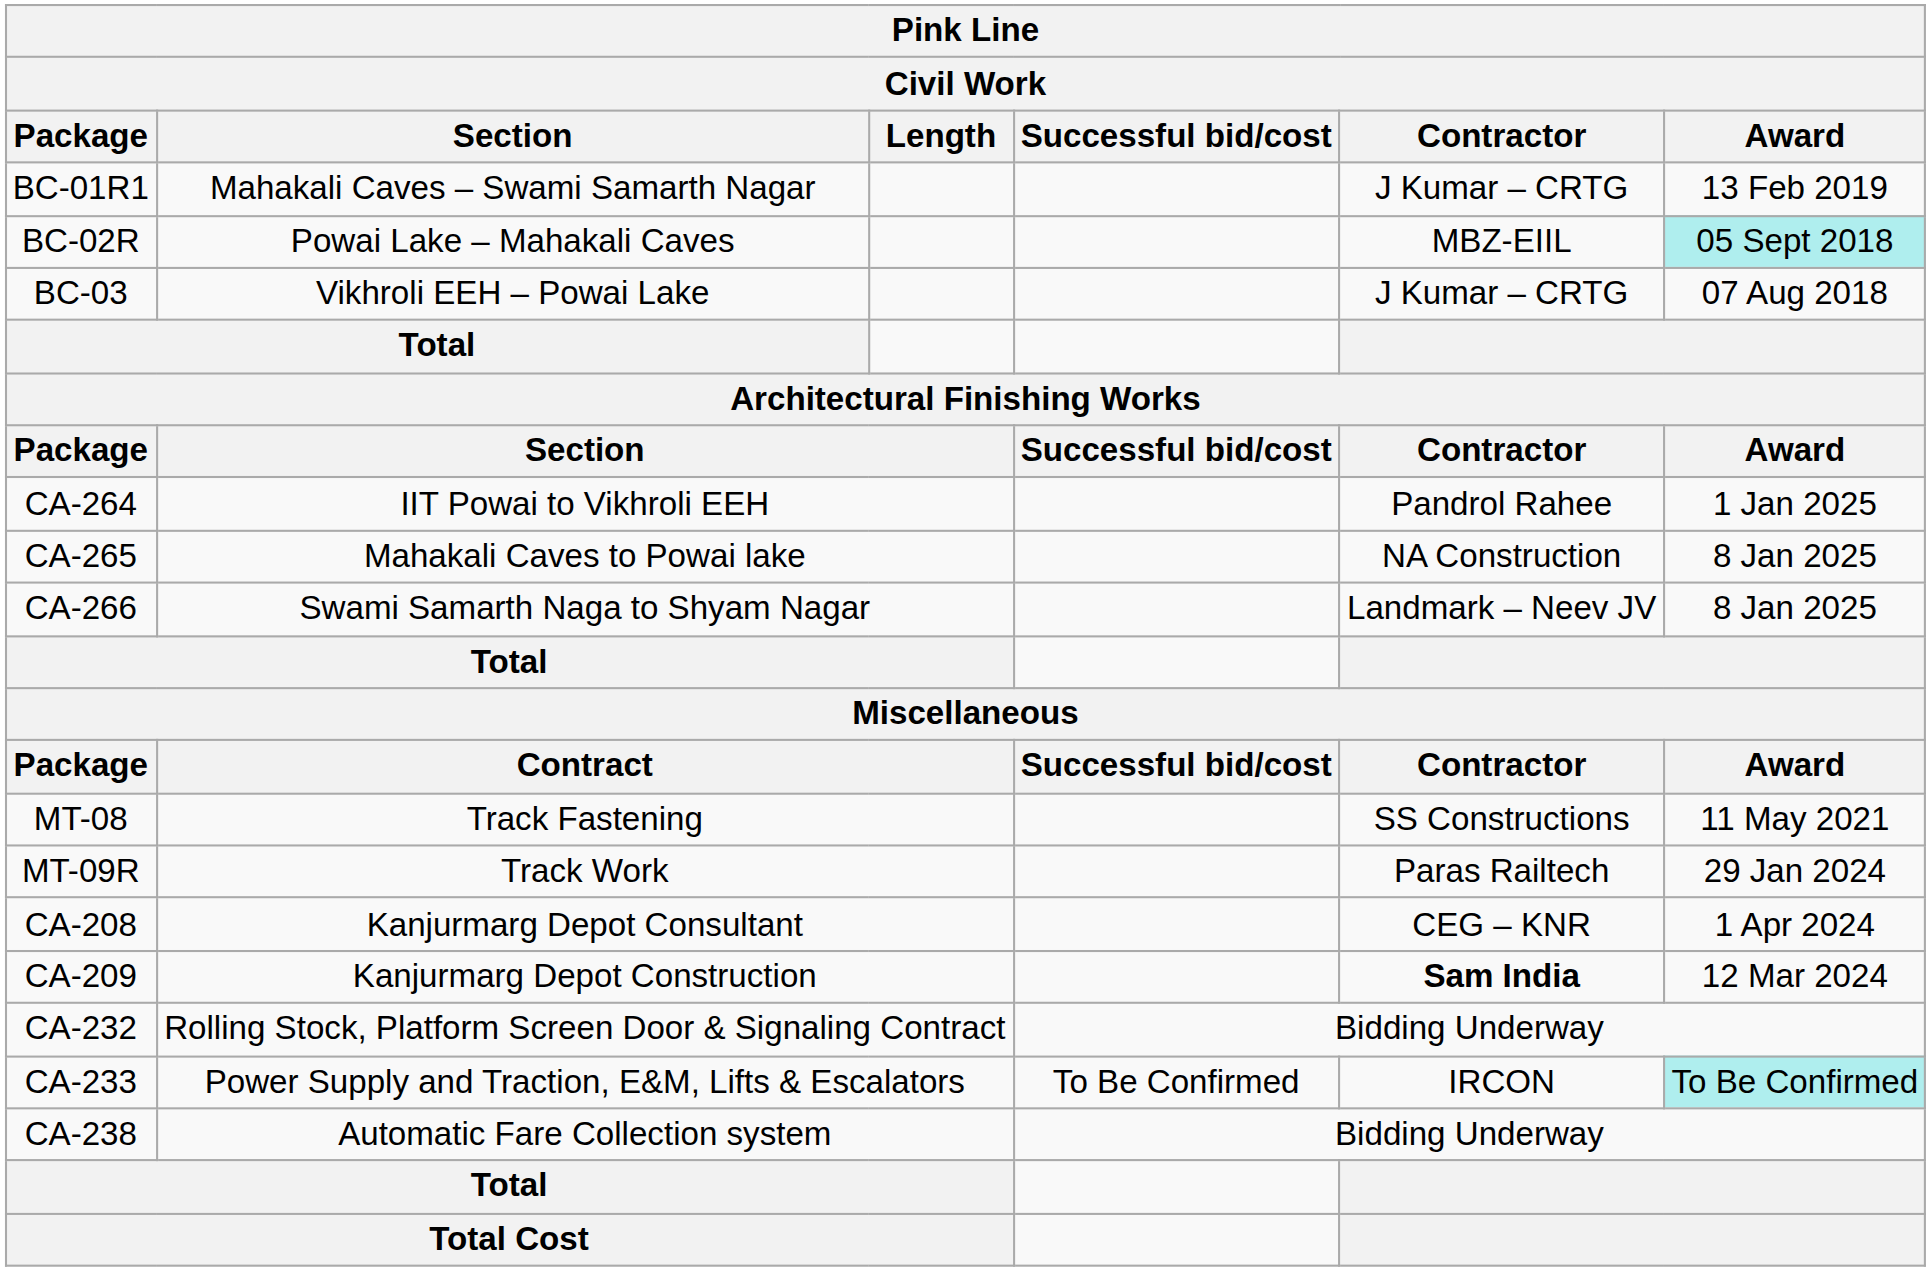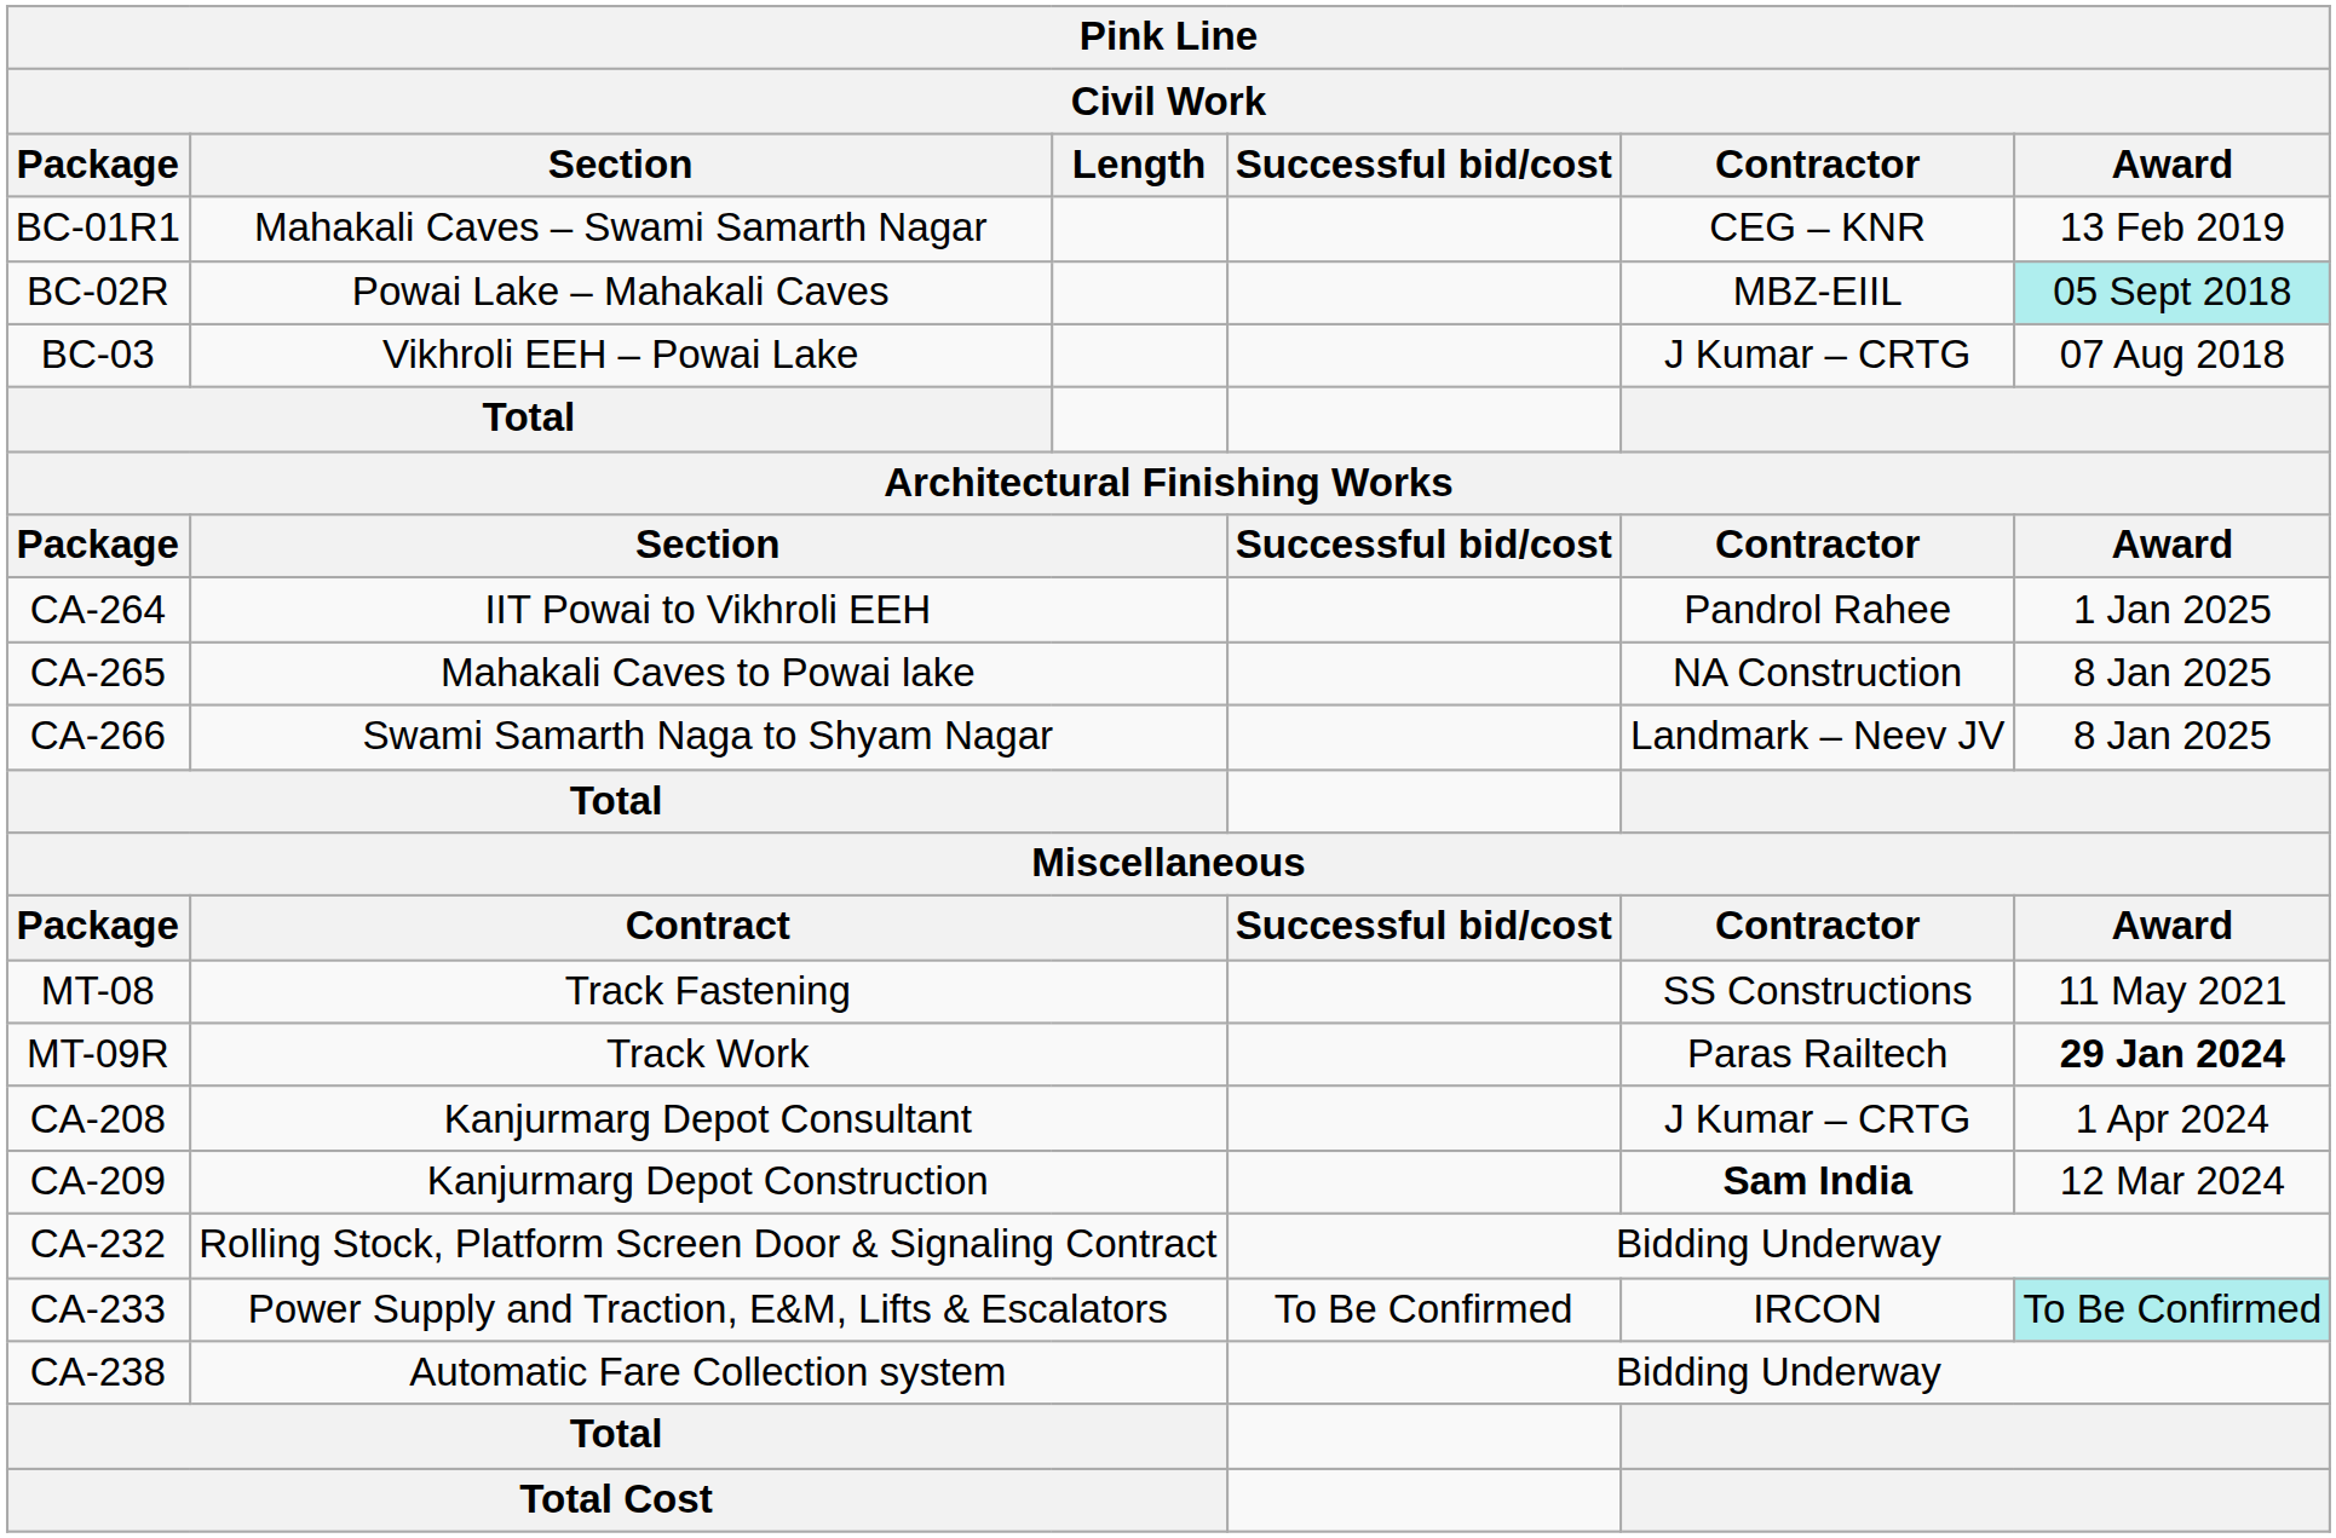 <table class="wikitable" style="text-align:center;margin:auto;">
 <tr>
 <th colspan="6" align="center" style="background:#"><span>Pink Line</span></th>
 </tr>
 <tr>
 <th colspan="6" align="center" style="background:#"><span>Civil Work</span></th>
 </tr>
 <tr>
 <th>Package</th>
 <th>Section</th>
 <th>Length</th>
 <th>Successful bid/cost</th>
 <th>Contractor</th>
 <th>Award</th>
 </tr>
 <tr>
 <td>BC-01R1</td>
 <td>Mahakali Caves – Swami Samarth Nagar</td>
 <td></td>
 <td></td>
-<td>J Kumar – CRTG</td>
+<td>CEG – KNR</td>
 <td>13 Feb 2019</td>
 </tr>
 <tr>
 <td>BC-02R</td>
 <td>Powai Lake – Mahakali Caves</td>
 <td></td>
 <td></td>
 <td>MBZ-EIIL</td>
 <td style="background: paleturquoise;">05 Sept 2018</td>
 </tr>
 <tr>
 <td>BC-03</td>
 <td>Vikhroli EEH – Powai Lake</td>
 <td></td>
 <td></td>
 <td>J Kumar – CRTG</td>
 <td>07 Aug 2018</td>
 </tr>
 <tr>
 <th colspan="2">Total</th>
 <td></td>
 <td></td>
 <th colspan="2"></th>
 </tr>
 <tr>
 <th colspan="6" align="center" style="background:#"><span>Architectural Finishing Works</span></th>
 </tr>
 <tr>
 <th>Package</th>
 <th colspan="2">Section</th>
 <th>Successful bid/cost</th>
 <th>Contractor</th>
 <th>Award</th>
 </tr>
 <tr>
 <td>CA-264</td>
 <td colspan="2">IIT Powai to Vikhroli EEH</td>
 <td></td>
 <td>Pandrol Rahee</td>
 <td>1 Jan 2025</td>
 </tr>
 <tr>
 <td>CA-265</td>
 <td colspan="2">Mahakali Caves to Powai lake</td>
 <td></td>
 <td>NA Construction</td>
 <td>8 Jan 2025</td>
 </tr>
 <tr>
 <td>CA-266</td>
 <td colspan="2">Swami Samarth Naga to Shyam Nagar</td>
 <td></td>
 <td>Landmark – Neev JV</td>
 <td>8 Jan 2025</td>
 </tr>
 <tr>
 <th colspan="3">Total</th>
 <td></td>
 <th colspan="2"></th>
 </tr>
 <tr>
 <th colspan="6" align="center" style="background:#"><span>Miscellaneous</span></th>
 </tr>
 <tr>
 <th>Package</th>
 <th colspan="2">Contract</th>
 <th>Successful bid/cost</th>
 <th>Contractor</th>
 <th>Award</th>
 </tr>
 <tr>
 <td>MT-08</td>
 <td colspan="2">Track Fastening</td>
 <td></td>
 <td>SS Constructions</td>
 <td>11 May 2021</td>
 </tr>
 <tr>
 <td>MT-09R</td>
 <td colspan="2">Track Work</td>
 <td></td>
 <td>Paras Railtech</td>
-<td>29 Jan 2024</td>
+<td><strong>29 Jan 2024</strong></td>
 </tr>
 <tr>
 <td>CA-208</td>
 <td colspan="2">Kanjurmarg Depot Consultant</td>
 <td></td>
-<td>CEG – KNR</td>
+<td>J Kumar – CRTG</td>
 <td>1 Apr 2024</td>
 </tr>
 <tr>
 <td>CA-209</td>
 <td colspan="2">Kanjurmarg Depot Construction</td>
 <td></td>
 <td><strong>Sam India</strong></td>
 <td>12 Mar 2024</td>
 </tr>
 <tr>
 <td>CA-232</td>
 <td colspan="2">Rolling Stock, Platform Screen Door & Signaling Contract</td>
 <td colspan="3">Bidding Underway</td>
 </tr>
 <tr>
 <td>CA-233</td>
 <td colspan="2">Power Supply and Traction, E&M, Lifts & Escalators</td>
 <td>To Be Confirmed</td>
 <td>IRCON</td>
 <td style="background: paleturquoise;">To Be Confirmed</td>
 </tr>
 <tr>
 <td>CA-238</td>
 <td colspan="2">Automatic Fare Collection system</td>
 <td colspan="3">Bidding Underway</td>
 </tr>
 <tr>
 <th colspan="3">Total</th>
 <td></td>
 <th colspan="2"></th>
 </tr>
 <tr>
 <th colspan="3">Total Cost</th>
 <td></td>
 <th colspan="2"></th>
 </tr>
 </table>
